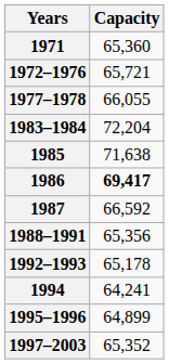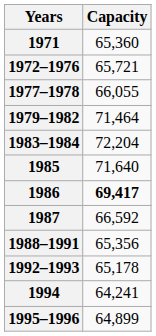 <table class="wikitable">
 <tr>
 <th scope="row">Years</th>
 <th scope="row">Capacity</th>
 </tr>
 <tr>
 <th scope="row">1971</th>
 <td style="text-align:center">65,360</td>
 </tr>
 <tr>
 <th scope="row">1972–1976</th>
 <td style="text-align:center">65,721</td>
 </tr>
 <tr>
 <th scope="row">1977–1978</th>
 <td style="text-align:center">66,055</td>
 </tr>
 <tr>
+<th scope="row">1979–1982</th>
+<td style="text-align:center">71,464</td>
+</tr>
+<tr>
 <th scope="row">1983–1984</th>
 <td style="text-align:center">72,204</td>
 </tr>
 <tr>
 <th scope="row">1985</th>
-<td style="text-align:center">71,638</td>
+<td style="text-align:center">71,640</td>
 </tr>
 <tr>
 <th scope="row">1986</th>
 <td style="text-align:center"><strong>69,417</strong></td>
 </tr>
 <tr>
 <th scope="row">1987</th>
 <td style="text-align:center">66,592</td>
 </tr>
 <tr>
 <th scope="row">1988–1991</th>
 <td style="text-align:center">65,356</td>
 </tr>
 <tr>
 <th scope="row">1992–1993</th>
 <td style="text-align:center">65,178</td>
 </tr>
 <tr>
 <th scope="row">1994</th>
 <td style="text-align:center">64,241</td>
 </tr>
 <tr>
 <th scope="row">1995–1996</th>
 <td style="text-align:center">64,899</td>
 </tr>
-<tr>
-<th scope="row">1997–2003</th>
-<td style="text-align:center">65,352</td>
-</tr>
 </table>
